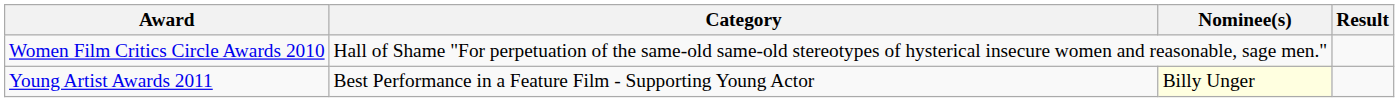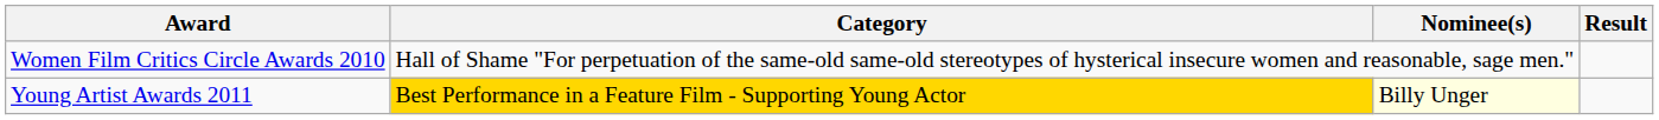 <table class="wikitable sortable">
 <tr>
 <th>Award</th>
 <th>Category</th>
 <th>Nominee(s)</th>
 <th>Result</th>
 </tr>
 <tr>
 <td rowspan="1"><a href='#'>Women Film Critics Circle Awards 2010</a></td>
 <td colspan="2">Hall of Shame "For perpetuation of the same-old same-old stereotypes of hysterical insecure women and reasonable, sage men."</td>
 <td></td>
 </tr>
 <tr>
 <td><a href='#'>Young Artist Awards 2011</a></td>
-<td>Best Performance in a Feature Film - Supporting Young Actor</td>
+<td style="background: gold;">Best Performance in a Feature Film - Supporting Young Actor</td>
 <td style="background: lightyellow;">Billy Unger</td>
 <td></td>
 </tr>
 </table>
